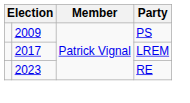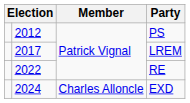 <table class="wikitable">
 <tr>
 <th colspan="2">Election</th>
 <th>Member</th>
 <th>Party</th>
 </tr>
 <tr>
 <td style="color:inherit;background-color:"></td>
-<td><a href='#'>2009</a></td>
+<td><a href='#'>2012</a></td>
 <td rowspan="3"><a href='#'>Patrick Vignal</a></td>
 <td><a href='#'>PS</a></td>
 </tr>
 <tr>
 <td style="color:inherit;background-color: "></td>
 <td><a href='#'>2017</a></td>
 <td><a href='#'>LREM</a></td>
 </tr>
 <tr>
 <td style="color:inherit;background-color: "></td>
-<td><a href='#'>2023</a></td>
+<td><a href='#'>2022</a></td>
 <td><a href='#'>RE</a></td>
 </tr>
+<tr>
+<td style="color:inherit;background-color:"></td>
+<td><a href='#'>2024</a></td>
+<td><a href='#'>Charles Alloncle</a></td>
+<td><a href='#'>EXD</a></td>
+</tr>
 </table>
